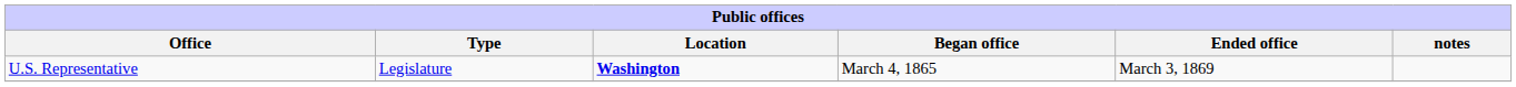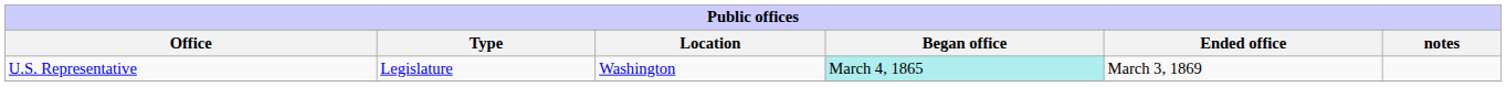 <table class=wikitable style="width: 94%" style="text-align: center;" align="center">
 <tr bgcolor=#cccccc>
 <th colspan=8 style="background: #ccccff;">Public offices</th>
 </tr>
 <tr>
 <th>Office</th>
 <th>Type</th>
 <th>Location</th>
 <th>Began office</th>
 <th>Ended office</th>
 <th>notes</th>
 </tr>
 <tr>
 <td><a href='#'>U.S. Representative</a></td>
 <td><a href='#'>Legislature</a></td>
-<td><strong><a href='#'>Washington</a></strong></td>
-<td>March 4, 1865</td>
+<td><a href='#'>Washington</a></td>
+<td style="background: paleturquoise;">March 4, 1865</td>
 <td>March 3, 1869</td>
 <td></td>
 </tr>
 <tr>
 </tr>
 </table>
